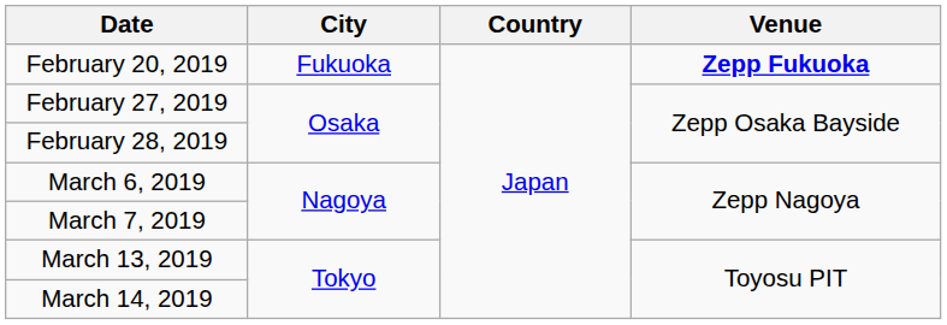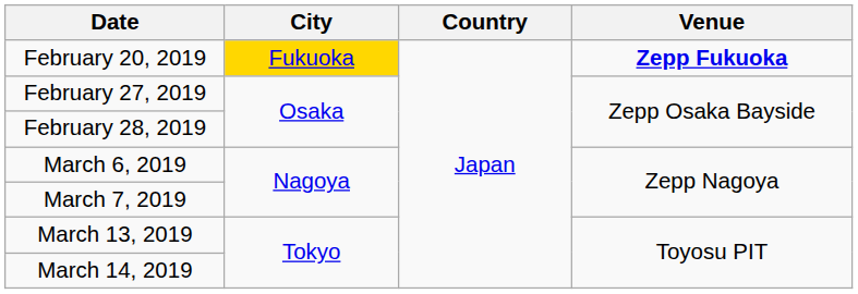 <table class="wikitable" style="text-align:center;">
 <tr>
 <th scope="col" style="width:12em;">Date</th>
 <th scope="col" style="width:9em;">City</th>
 <th scope="col" style="width:9em;">Country</th>
 <th scope="col" style="width:16em;">Venue</th>
 </tr>
 <tr>
 <td>February 20, 2019</td>
-<td><a href='#'>Fukuoka</a></td>
+<td style="background: gold;"><a href='#'>Fukuoka</a></td>
 <td rowspan="7"><a href='#'>Japan</a></td>
 <td><strong><a href='#'>Zepp Fukuoka</a></strong></td>
 </tr>
 <tr>
 <td>February 27, 2019</td>
 <td rowspan="2"><a href='#'>Osaka</a></td>
 <td rowspan="2">Zepp Osaka Bayside</td>
 </tr>
 <tr>
 <td>February 28, 2019</td>
 </tr>
 <tr>
 <td>March 6, 2019</td>
 <td rowspan="2"><a href='#'>Nagoya</a></td>
 <td rowspan="2">Zepp Nagoya</td>
 </tr>
 <tr>
 <td>March 7, 2019</td>
 </tr>
 <tr>
 <td>March 13, 2019</td>
 <td rowspan="2"><a href='#'>Tokyo</a></td>
 <td rowspan="2">Toyosu PIT</td>
 </tr>
 <tr>
 <td>March 14, 2019</td>
 </tr>
 </table>
